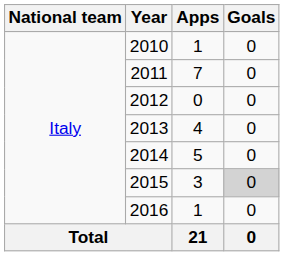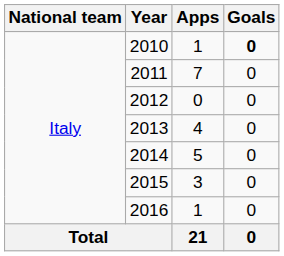 <table class="wikitable" style="text-align:center">
 <tr>
 <th>National team</th>
 <th>Year</th>
 <th>Apps</th>
 <th>Goals</th>
 </tr>
 <tr>
 <td rowspan="7"><a href='#'>Italy</a></td>
 <td>2010</td>
 <td>1</td>
-<td>0</td>
+<td><strong>0</strong></td>
 </tr>
 <tr>
 <td>2011</td>
 <td>7</td>
 <td>0</td>
 </tr>
 <tr>
 <td>2012</td>
 <td>0</td>
 <td>0</td>
 </tr>
 <tr>
 <td>2013</td>
 <td>4</td>
 <td>0</td>
 </tr>
 <tr>
 <td>2014</td>
 <td>5</td>
 <td>0</td>
 </tr>
 <tr>
 <td>2015</td>
 <td>3</td>
-<td style="background: lightgrey;">0</td>
+<td>0</td>
 </tr>
 <tr>
 <td>2016</td>
 <td>1</td>
 <td>0</td>
 </tr>
 <tr>
 <th colspan="2">Total</th>
 <th>21</th>
 <th>0</th>
 </tr>
 </table>
